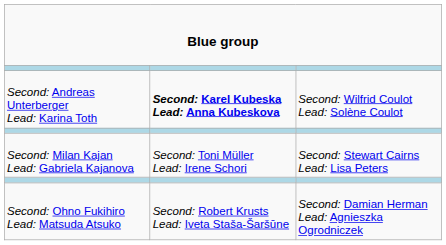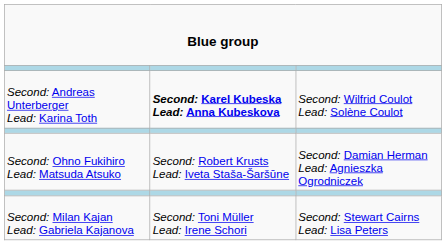 <table class="wikitable">
 <tr>
 <td align=center colspan="3"><br><h3>Blue group</h3></td>
 </tr>
 <tr>
 <th style="background: #ADD8E6;" width="200"></th>
 <th style="background: #ADD8E6;" width="200"></th>
 <th style="background: #ADD8E6;" width="200"></th>
 </tr>
 <tr>
 <td><br><em>Second:</em> <a href='#'>Andreas Unterberger</a><br> <em>Lead:</em> <a href='#'>Karina Toth</a></td>
 <td><strong><br><em>Second:</em> <a href='#'>Karel Kubeska</a><br> <em>Lead:</em> <a href='#'>Anna Kubeskova</a></strong></td>
 <td><br><em>Second:</em> <a href='#'>Wilfrid Coulot</a><br> <em>Lead:</em> <a href='#'>Solène Coulot</a></td>
 </tr>
 <tr>
 <th style="background: #ADD8E6;" width="200"></th>
 <th style="background: #ADD8E6;" width="200"></th>
 <th style="background: #ADD8E6;" width="200"></th>
 </tr>
 <tr>
-<td><br><em>Second:</em> <a href='#'>Milan Kajan</a><br> <em>Lead:</em> <a href='#'>Gabriela Kajanova</a></td>
-<td><br><em>Second:</em> <a href='#'>Toni Müller</a><br> <em>Lead:</em> <a href='#'>Irene Schori</a></td>
-<td><br><em>Second:</em> <a href='#'>Stewart Cairns</a><br> <em>Lead:</em> <a href='#'>Lisa Peters</a></td>
+<td><br><em>Second:</em> <a href='#'>Ohno Fukihiro</a><br> <em>Lead:</em> <a href='#'>Matsuda Atsuko</a></td>
+<td><br><em>Second:</em> <a href='#'>Robert Krusts</a><br> <em>Lead:</em> <a href='#'>Iveta Staša-Šaršūne</a></td>
+<td><br><em>Second:</em> <a href='#'>Damian Herman</a><br> <em>Lead:</em> <a href='#'>Agnieszka Ogrodniczek</a></td>
 </tr>
 <tr>
 <th style="background: #ADD8E6;" width="200"></th>
 <th style="background: #ADD8E6;" width="200"></th>
 <th style="background: #ADD8E6;" width="200"></th>
 </tr>
 <tr>
-<td><br><em>Second:</em> <a href='#'>Ohno Fukihiro</a><br> <em>Lead:</em> <a href='#'>Matsuda Atsuko</a></td>
-<td><br><em>Second:</em> <a href='#'>Robert Krusts</a><br> <em>Lead:</em> <a href='#'>Iveta Staša-Šaršūne</a></td>
-<td><br><em>Second:</em> <a href='#'>Damian Herman</a><br> <em>Lead:</em> <a href='#'>Agnieszka Ogrodniczek</a></td>
+<td><br><em>Second:</em> <a href='#'>Milan Kajan</a><br> <em>Lead:</em> <a href='#'>Gabriela Kajanova</a></td>
+<td><br><em>Second:</em> <a href='#'>Toni Müller</a><br> <em>Lead:</em> <a href='#'>Irene Schori</a></td>
+<td><br><em>Second:</em> <a href='#'>Stewart Cairns</a><br> <em>Lead:</em> <a href='#'>Lisa Peters</a></td>
 </tr>
 </table>
